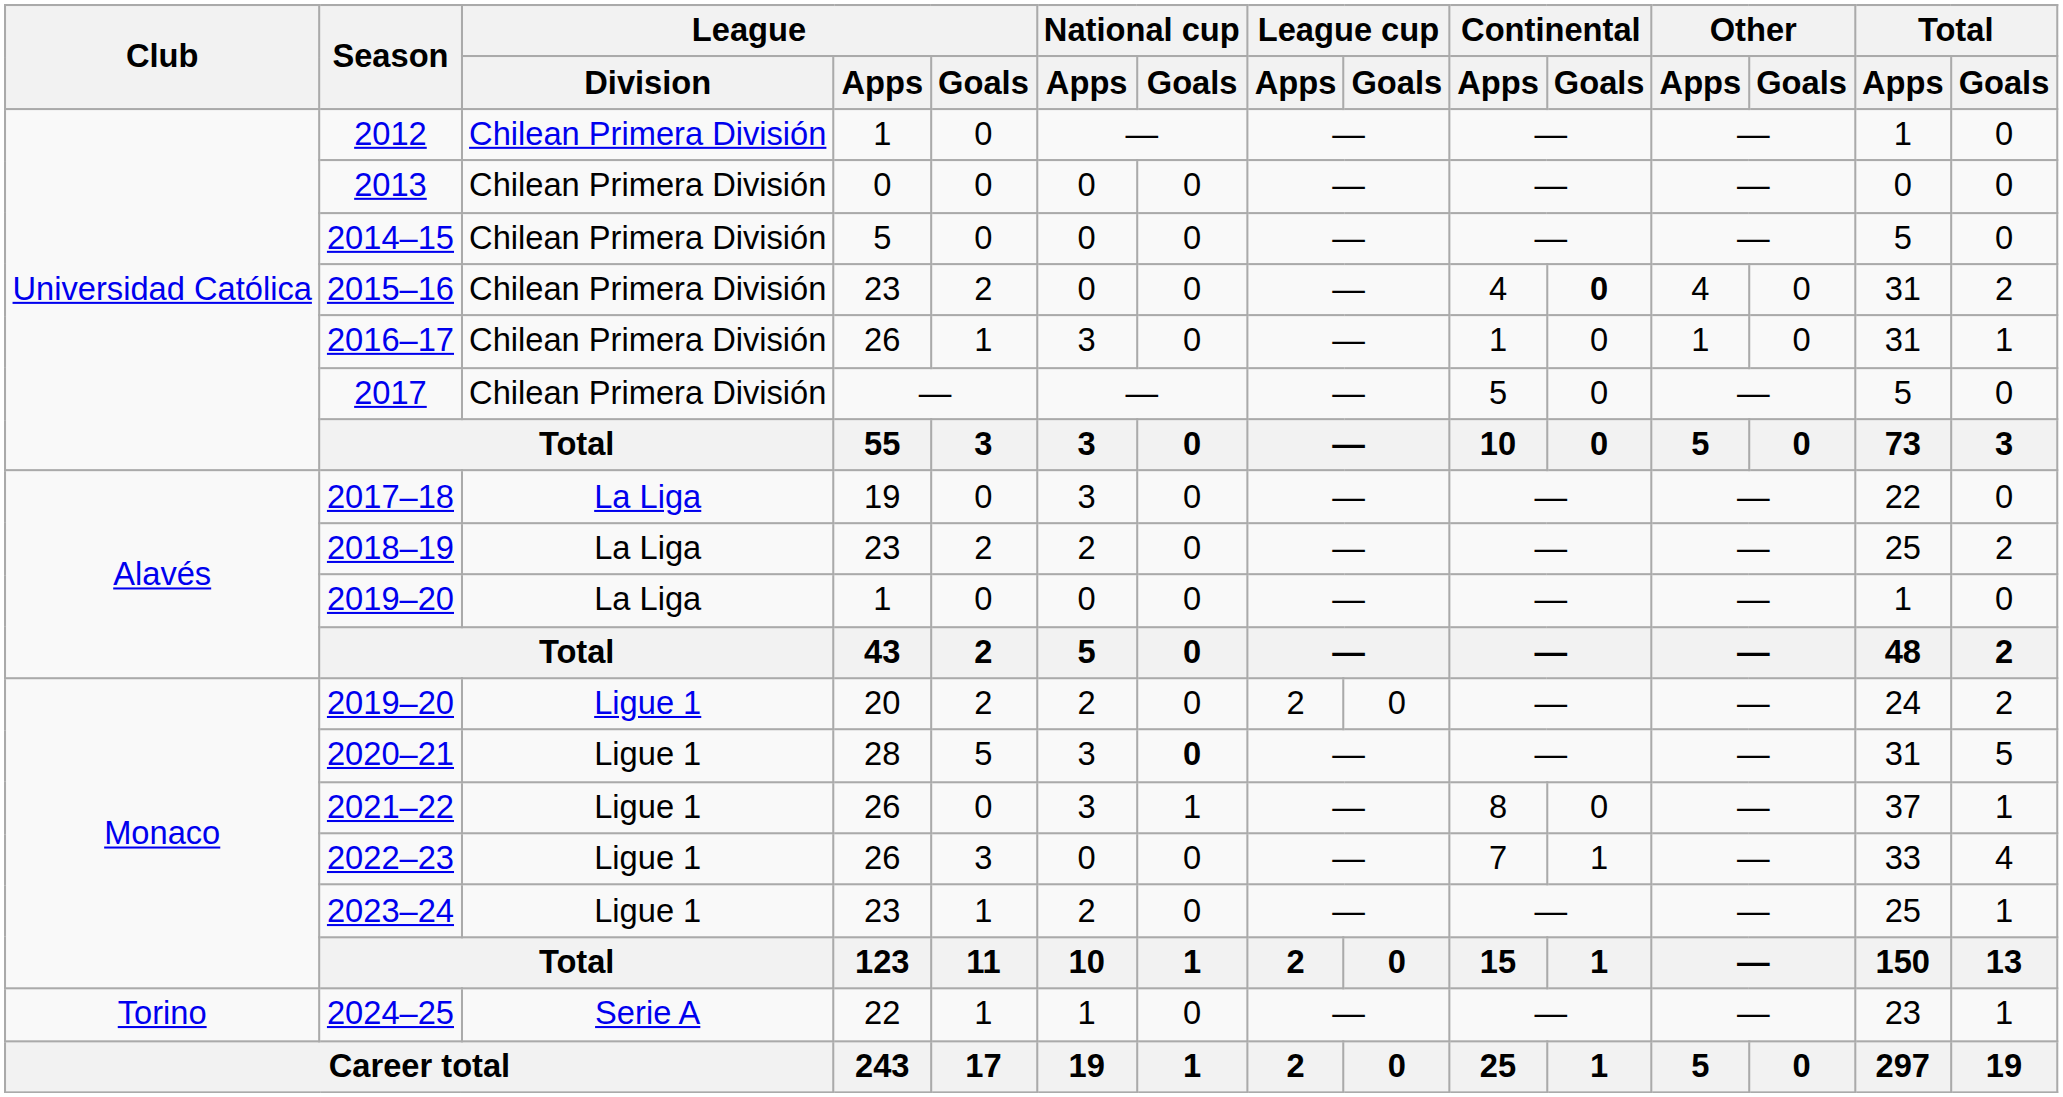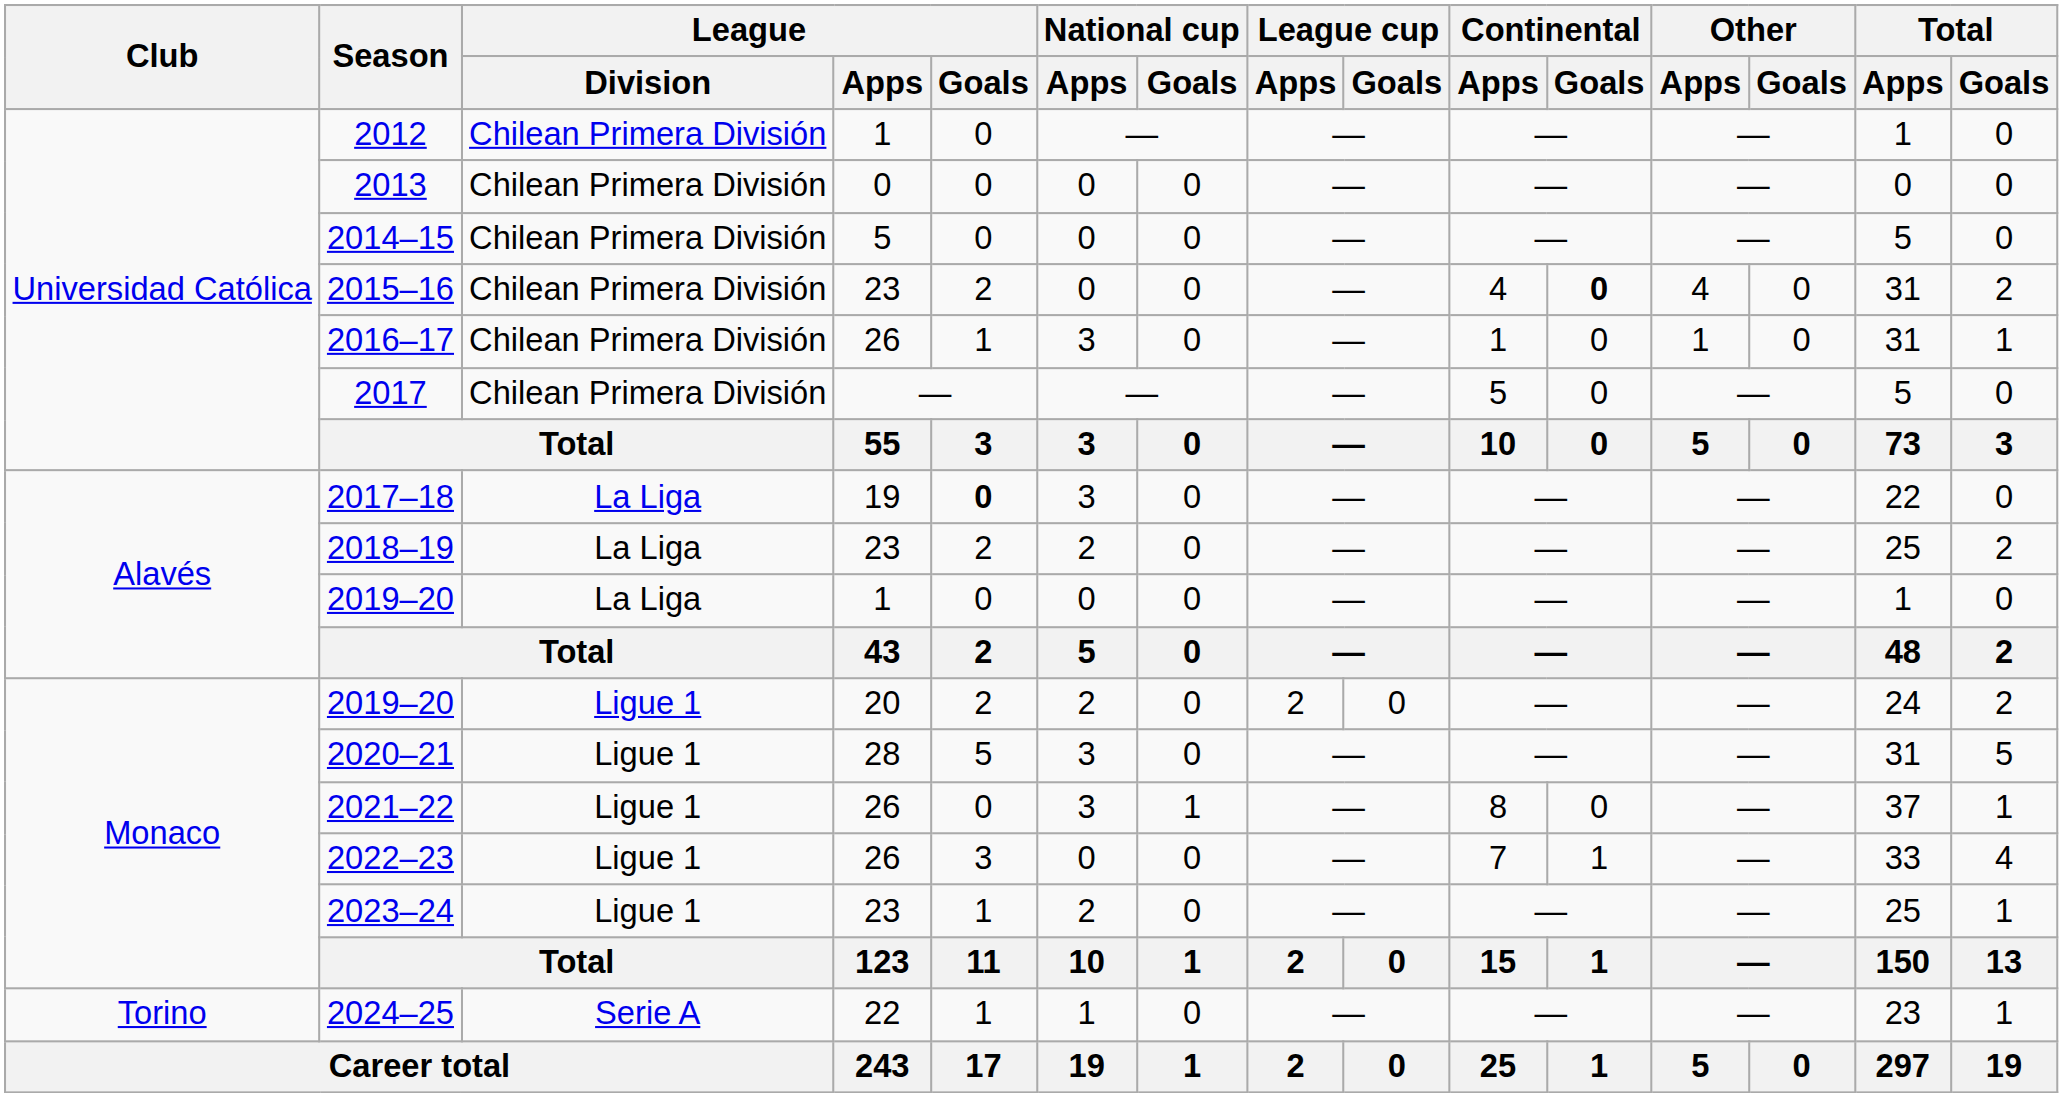 <table class="wikitable" style="text-align: center;">
 <tr>
 <th rowspan="2">Club</th>
 <th rowspan="2">Season</th>
 <th colspan="3">League</th>
 <th colspan="2">National cup</th>
 <th colspan="2">League cup</th>
 <th colspan="2">Continental</th>
 <th colspan="2">Other</th>
 <th colspan="2">Total</th>
 </tr>
 <tr>
 <th>Division</th>
 <th>Apps</th>
 <th>Goals</th>
 <th>Apps</th>
 <th>Goals</th>
 <th>Apps</th>
 <th>Goals</th>
 <th>Apps</th>
 <th>Goals</th>
 <th>Apps</th>
 <th>Goals</th>
 <th>Apps</th>
 <th>Goals</th>
 </tr>
 <tr>
 <td rowspan="7"><a href='#'>Universidad Católica</a></td>
 <td><a href='#'>2012</a></td>
 <td><a href='#'>Chilean Primera División</a></td>
 <td>1</td>
 <td>0</td>
 <td colspan="2">—</td>
 <td colspan="2">—</td>
 <td colspan="2">—</td>
 <td colspan="2">—</td>
 <td>1</td>
 <td>0</td>
 </tr>
 <tr>
 <td><a href='#'>2013</a></td>
 <td>Chilean Primera División</td>
 <td>0</td>
 <td>0</td>
 <td>0</td>
 <td>0</td>
 <td colspan="2">—</td>
 <td colspan="2">—</td>
 <td colspan="2">—</td>
 <td>0</td>
 <td>0</td>
 </tr>
 <tr>
 <td><a href='#'>2014–15</a></td>
 <td>Chilean Primera División</td>
 <td>5</td>
 <td>0</td>
 <td>0</td>
 <td>0</td>
 <td colspan="2">—</td>
 <td colspan="2">—</td>
 <td colspan="2">—</td>
 <td>5</td>
 <td>0</td>
 </tr>
 <tr>
 <td><a href='#'>2015–16</a></td>
 <td>Chilean Primera División</td>
 <td>23</td>
 <td>2</td>
 <td>0</td>
 <td>0</td>
 <td colspan="2">—</td>
 <td>4</td>
 <td><strong>0</strong></td>
 <td>4</td>
 <td>0</td>
 <td>31</td>
 <td>2</td>
 </tr>
 <tr>
 <td><a href='#'>2016–17</a></td>
 <td>Chilean Primera División</td>
 <td>26</td>
 <td>1</td>
 <td>3</td>
 <td>0</td>
 <td colspan="2">—</td>
 <td>1</td>
 <td>0</td>
 <td>1</td>
 <td>0</td>
 <td>31</td>
 <td>1</td>
 </tr>
 <tr>
 <td><a href='#'>2017</a></td>
 <td>Chilean Primera División</td>
 <td colspan="2">—</td>
 <td colspan="2">—</td>
 <td colspan="2">—</td>
 <td>5</td>
 <td>0</td>
 <td colspan="2">—</td>
 <td>5</td>
 <td>0</td>
 </tr>
 <tr>
 <th colspan="2">Total</th>
 <th>55</th>
 <th>3</th>
 <th>3</th>
 <th>0</th>
 <th colspan="2">—</th>
 <th>10</th>
 <th>0</th>
 <th>5</th>
 <th>0</th>
 <th>73</th>
 <th>3</th>
 </tr>
 <tr>
 <td rowspan="4"><a href='#'>Alavés</a></td>
 <td><a href='#'>2017–18</a></td>
 <td><a href='#'>La Liga</a></td>
 <td>19</td>
-<td>0</td>
+<td><strong>0</strong></td>
 <td>3</td>
 <td>0</td>
 <td colspan="2">—</td>
 <td colspan="2">—</td>
 <td colspan="2">—</td>
 <td>22</td>
 <td>0</td>
 </tr>
 <tr>
 <td><a href='#'>2018–19</a></td>
 <td>La Liga</td>
 <td>23</td>
 <td>2</td>
 <td>2</td>
 <td>0</td>
 <td colspan="2">—</td>
 <td colspan="2">—</td>
 <td colspan="2">—</td>
 <td>25</td>
 <td>2</td>
 </tr>
 <tr>
 <td><a href='#'>2019–20</a></td>
 <td>La Liga</td>
 <td>1</td>
 <td>0</td>
 <td>0</td>
 <td>0</td>
 <td colspan="2">—</td>
 <td colspan="2">—</td>
 <td colspan="2">—</td>
 <td>1</td>
 <td>0</td>
 </tr>
 <tr>
 <th colspan="2">Total</th>
 <th>43</th>
 <th>2</th>
 <th>5</th>
 <th>0</th>
 <th colspan="2">—</th>
 <th colspan="2">—</th>
 <th colspan="2">—</th>
 <th>48</th>
 <th>2</th>
 </tr>
 <tr>
 <td rowspan="6"><a href='#'>Monaco</a></td>
 <td><a href='#'>2019–20</a></td>
 <td><a href='#'>Ligue 1</a></td>
 <td>20</td>
 <td>2</td>
 <td>2</td>
 <td>0</td>
 <td>2</td>
 <td>0</td>
 <td colspan="2">—</td>
 <td colspan="2">—</td>
 <td>24</td>
 <td>2</td>
 </tr>
 <tr>
 <td><a href='#'>2020–21</a></td>
 <td>Ligue 1</td>
 <td>28</td>
 <td>5</td>
 <td>3</td>
-<td><strong>0</strong></td>
+<td>0</td>
 <td colspan="2">—</td>
 <td colspan="2">—</td>
 <td colspan="2">—</td>
 <td>31</td>
 <td>5</td>
 </tr>
 <tr>
 <td><a href='#'>2021–22</a></td>
 <td>Ligue 1</td>
 <td>26</td>
 <td>0</td>
 <td>3</td>
 <td>1</td>
 <td colspan="2">—</td>
 <td>8</td>
 <td>0</td>
 <td colspan="2">—</td>
 <td>37</td>
 <td>1</td>
 </tr>
 <tr>
 <td><a href='#'>2022–23</a></td>
 <td>Ligue 1</td>
 <td>26</td>
 <td>3</td>
 <td>0</td>
 <td>0</td>
 <td colspan="2">—</td>
 <td>7</td>
 <td>1</td>
 <td colspan="2">—</td>
 <td>33</td>
 <td>4</td>
 </tr>
 <tr>
 <td><a href='#'>2023–24</a></td>
 <td>Ligue 1</td>
 <td>23</td>
 <td>1</td>
 <td>2</td>
 <td>0</td>
 <td colspan="2">—</td>
 <td colspan="2">—</td>
 <td colspan="2">—</td>
 <td>25</td>
 <td>1</td>
 </tr>
 <tr>
 <th colspan="2">Total</th>
 <th>123</th>
 <th>11</th>
 <th>10</th>
 <th>1</th>
 <th>2</th>
 <th>0</th>
 <th>15</th>
 <th>1</th>
 <th colspan="2">—</th>
 <th>150</th>
 <th>13</th>
 </tr>
 <tr>
 <td><a href='#'>Torino</a></td>
 <td><a href='#'>2024–25</a></td>
 <td><a href='#'>Serie A</a></td>
 <td>22</td>
 <td>1</td>
 <td>1</td>
 <td>0</td>
 <td colspan="2">—</td>
 <td colspan="2">—</td>
 <td colspan="2">—</td>
 <td>23</td>
 <td>1</td>
 </tr>
 <tr>
 <th colspan="3">Career total</th>
 <th>243</th>
 <th>17</th>
 <th>19</th>
 <th>1</th>
 <th>2</th>
 <th>0</th>
 <th>25</th>
 <th>1</th>
 <th>5</th>
 <th>0</th>
 <th>297</th>
 <th>19</th>
 </tr>
 </table>
